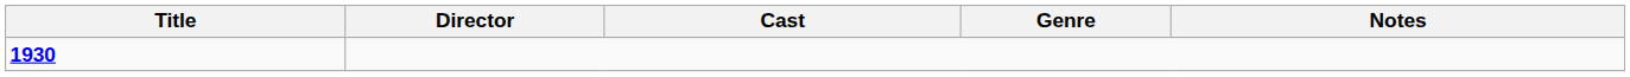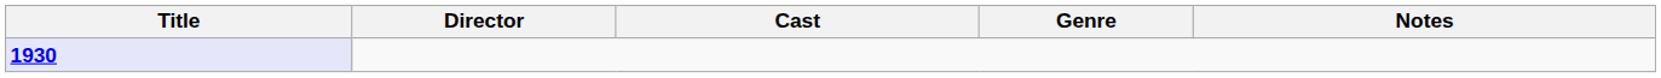 <table class="wikitable" width= "100%">
 <tr>
 <th width=21%>Title</th>
 <th width=16%>Director</th>
 <th width=22%>Cast</th>
 <th width=13%>Genre</th>
 <th width=28%>Notes</th>
 </tr>
 <tr>
-<td><strong><a href='#'>1930</a></strong></td>
+<td style="background: lavender;"><strong><a href='#'>1930</a></strong></td>
 </tr>
 </table>
